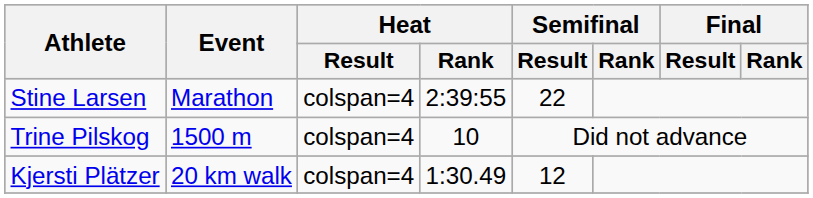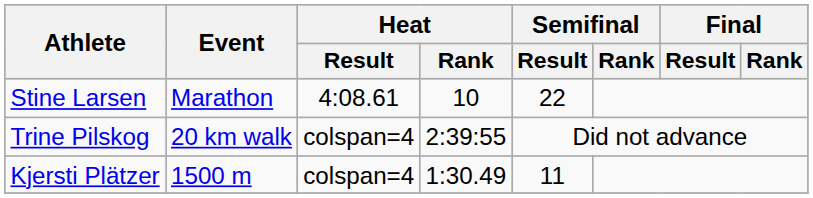 <table class=wikitable style="font-size:90%">
 <tr>
 <th rowspan="2">Athlete</th>
 <th rowspan="2">Event</th>
 <th colspan="2">Heat</th>
 <th colspan="2">Semifinal</th>
 <th colspan="2">Final</th>
 </tr>
 <tr style="font-size:95%">
 <th>Result</th>
 <th>Rank</th>
 <th>Result</th>
 <th>Rank</th>
 <th>Result</th>
 <th>Rank</th>
 </tr>
 <tr align=center>
 <td align=left><a href='#'>Stine Larsen</a></td>
 <td align=left><a href='#'>Marathon</a></td>
-<td>colspan=4 </td>
-<td>2:39:55</td>
+<td>4:08.61</td>
+<td>10</td>
 <td>22</td>
 </tr>
 <tr align=center>
 <td align=left><a href='#'>Trine Pilskog</a></td>
-<td align=left><a href='#'>1500 m</a></td>
+<td align=left><a href='#'>20 km walk</a></td>
 <td>colspan=4 </td>
-<td>10</td>
+<td>2:39:55</td>
 <td colspan=4>Did not advance</td>
 </tr>
 <tr align=center>
 <td align=left><a href='#'>Kjersti Plätzer</a></td>
-<td align=left><a href='#'>20 km walk</a></td>
+<td align=left><a href='#'>1500 m</a></td>
 <td>colspan=4 </td>
 <td>1:30.49</td>
-<td>12</td>
+<td>11</td>
 </tr>
 </table>
